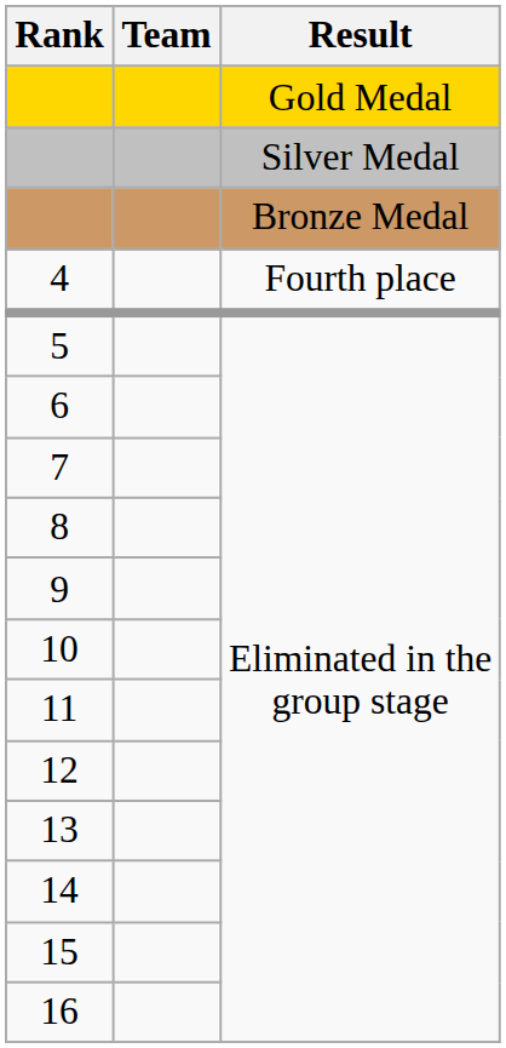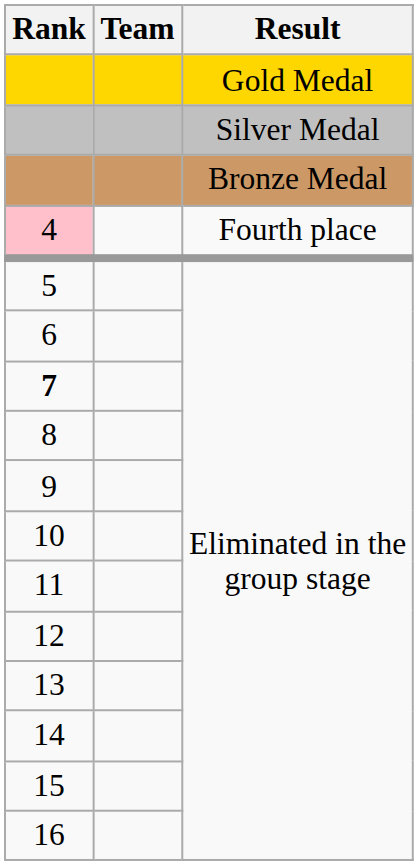 <table class="wikitable">
 <tr>
 <th>Rank</th>
 <th>Team</th>
 <th>Result</th>
 </tr>
 <tr bgcolor=gold>
 <td align=center></td>
 <td></td>
 <td align=center>Gold Medal</td>
 </tr>
 <tr bgcolor=silver>
 <td align=center></td>
 <td></td>
 <td align=center>Silver Medal</td>
 </tr>
 <tr bgcolor=#c96>
 <td align=center></td>
 <td></td>
 <td align=center>Bronze Medal</td>
 </tr>
 <tr style="border-bottom: 4px solid #999999">
-<td align=center>4</td>
+<td align=center style="background: pink;">4</td>
 <td></td>
 <td align=center>Fourth place</td>
 </tr>
 <tr>
 <td align=center>5</td>
 <td></td>
 <td rowspan=13 align=center>Eliminated in the<br>group stage</td>
 </tr>
 <tr>
 <td align=center>6</td>
 <td></td>
 </tr>
 <tr>
-<td align=center>7</td>
+<td align=center><strong>7</strong></td>
 <td></td>
 </tr>
 <tr>
 <td align=center>8</td>
 <td></td>
 </tr>
 <tr>
 <td align=center>9</td>
 <td></td>
 </tr>
 <tr>
 <td align=center>10</td>
 <td></td>
 </tr>
 <tr>
 <td align=center>11</td>
 <td></td>
 </tr>
 <tr>
 <td align=center>12</td>
 <td></td>
 </tr>
 <tr>
 <td align=center>13</td>
 <td></td>
 </tr>
 <tr>
 <td align=center>14</td>
 <td></td>
 </tr>
 <tr>
 <td align=center>15</td>
 <td></td>
 </tr>
 <tr>
 <td align=center>16</td>
 <td></td>
 </tr>
 </table>
